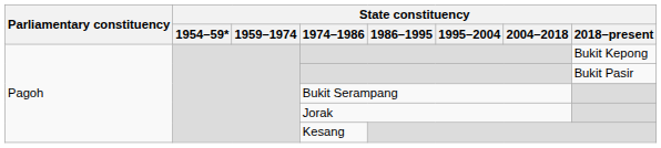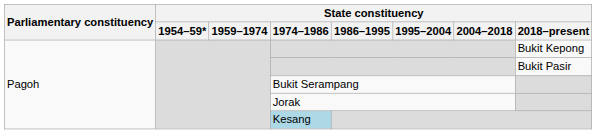 <table class="wikitable">
 <tr>
 <th rowspan="2">Parliamentary constituency</th>
 <th colspan="7">State constituency</th>
 </tr>
 <tr>
 <th>1954–59*</th>
 <th>1959–1974</th>
 <th>1974–1986</th>
 <th>1986–1995</th>
 <th>1995–2004</th>
 <th>2004–2018</th>
 <th>2018–present</th>
 </tr>
 <tr>
 <td rowspan="5">Pagoh</td>
 <td colspan="2" rowspan="5" bgcolor="dcdcdc"></td>
 <td colspan="4" bgcolor="dcdcdc"></td>
 <td>Bukit Kepong</td>
 </tr>
 <tr>
 <td colspan="4" bgcolor="dcdcdc"></td>
 <td>Bukit Pasir</td>
 </tr>
 <tr>
 <td colspan="4">Bukit Serampang</td>
 <td bgcolor="dcdcdc"></td>
 </tr>
 <tr>
 <td colspan="4">Jorak</td>
 <td bgcolor="dcdcdc"></td>
 </tr>
 <tr>
-<td>Kesang</td>
+<td style="background: lightblue;">Kesang</td>
 <td colspan="4" bgcolor="dcdcdc"></td>
 </tr>
 </table>
